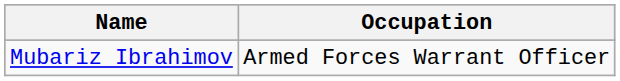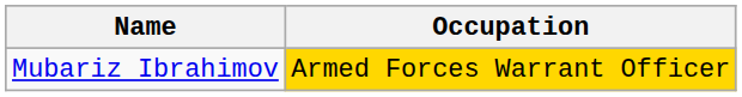 <table class="wikitable">
 <tr>
 <th>Name</th>
 <th>Occupation</th>
 </tr>
 <tr>
 <td><a href='#'>Mubariz Ibrahimov</a></td>
-<td>Armed Forces Warrant Officer</td>
+<td style="background: gold;">Armed Forces Warrant Officer</td>
 </tr>
 </table>
